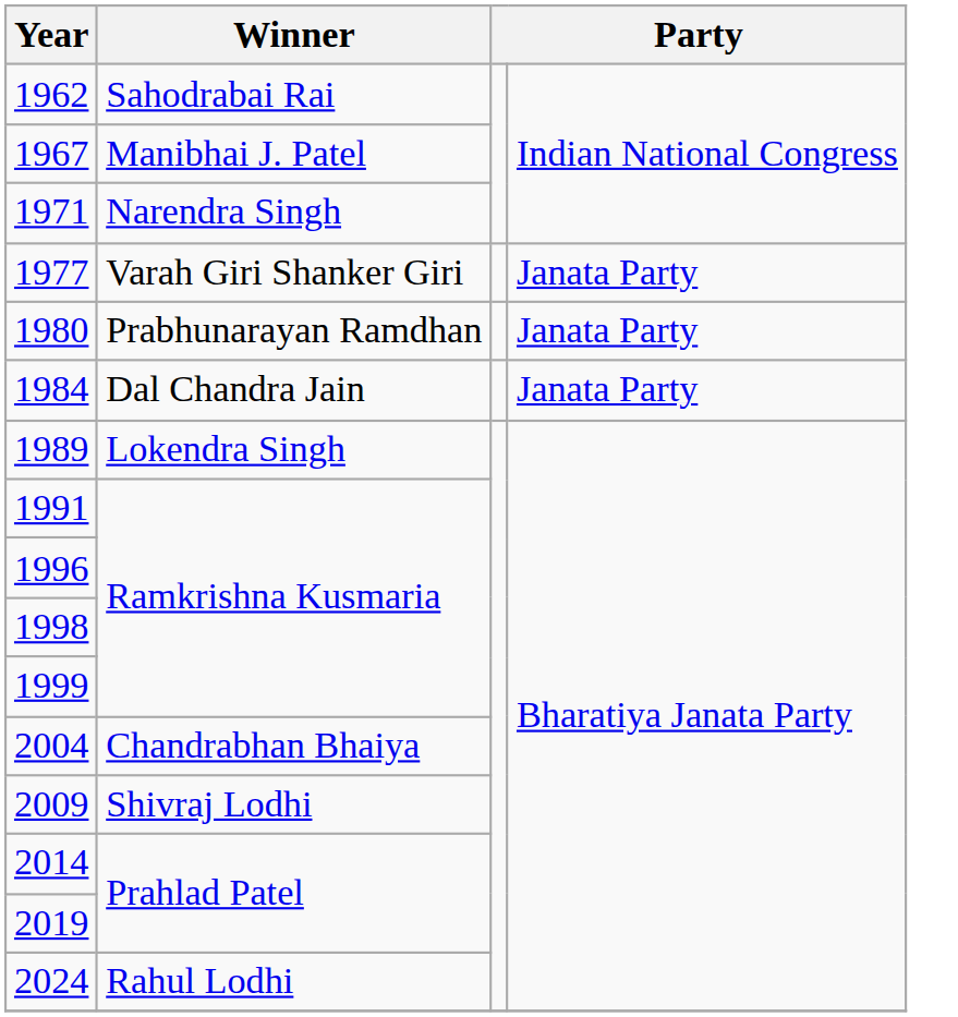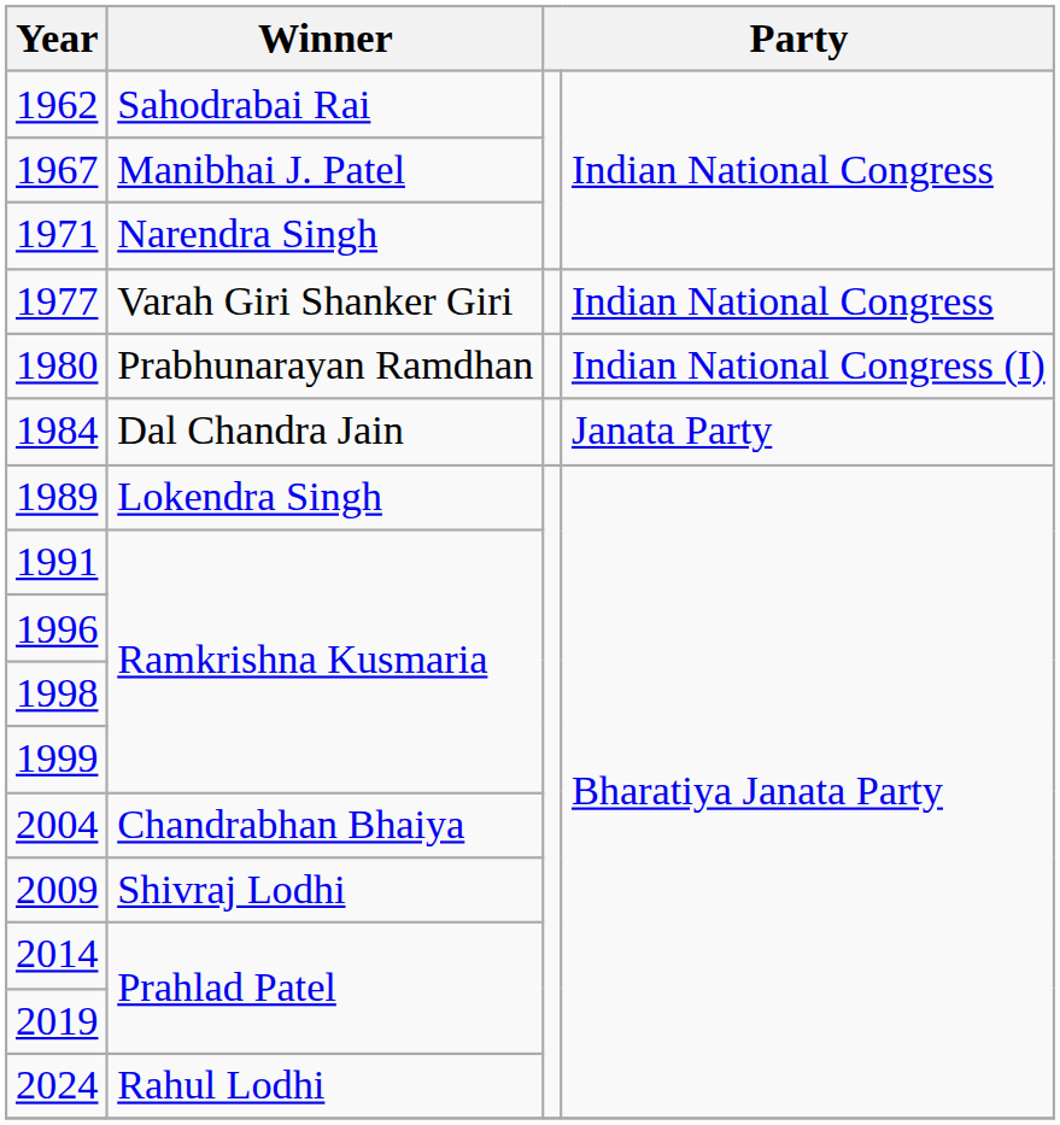 <table class="wikitable">
 <tr>
 <th>Year</th>
 <th>Winner</th>
 <th colspan="2">Party</th>
 </tr>
 <tr>
 <td><a href='#'>1962</a></td>
 <td><a href='#'>Sahodrabai Rai</a></td>
 <td rowspan="3" style="background-color: "></td>
 <td rowspan="3"><a href='#'>Indian National Congress</a></td>
 </tr>
 <tr>
 <td><a href='#'>1967</a></td>
 <td><a href='#'>Manibhai J. Patel</a></td>
 </tr>
 <tr>
 <td><a href='#'>1971</a></td>
 <td><a href='#'>Narendra Singh</a></td>
 </tr>
 <tr>
 <td><a href='#'>1977</a></td>
 <td>Varah Giri Shanker Giri</td>
 <td style="background-color: "></td>
-<td><a href='#'>Janata Party</a></td>
+<td><a href='#'>Indian National Congress</a></td>
 </tr>
 <tr>
 <td><a href='#'>1980</a></td>
 <td>Prabhunarayan Ramdhan</td>
 <td style="background-color: "></td>
-<td><a href='#'>Janata Party</a></td>
+<td><a href='#'>Indian National Congress (I)</a></td>
 </tr>
 <tr>
 <td><a href='#'>1984</a></td>
 <td>Dal Chandra Jain</td>
 <td style="background-color: "></td>
 <td><a href='#'>Janata Party</a></td>
 </tr>
 <tr>
 <td><a href='#'>1989</a></td>
 <td><a href='#'>Lokendra Singh</a></td>
 <td rowspan="10" style="background-color: "></td>
 <td rowspan="10"><a href='#'>Bharatiya Janata Party</a></td>
 </tr>
 <tr>
 <td><a href='#'>1991</a></td>
 <td rowspan="4"><a href='#'>Ramkrishna Kusmaria</a></td>
 </tr>
 <tr>
 <td><a href='#'>1996</a></td>
 </tr>
 <tr>
 <td><a href='#'>1998</a></td>
 </tr>
 <tr>
 <td><a href='#'>1999</a></td>
 </tr>
 <tr>
 <td><a href='#'>2004</a></td>
 <td><a href='#'>Chandrabhan Bhaiya</a></td>
 </tr>
 <tr>
 <td><a href='#'>2009</a></td>
 <td><a href='#'>Shivraj Lodhi</a></td>
 </tr>
 <tr>
 <td><a href='#'>2014</a></td>
 <td rowspan="2"><a href='#'>Prahlad Patel</a></td>
 </tr>
 <tr>
 <td><a href='#'>2019</a></td>
 </tr>
 <tr>
 <td><a href='#'>2024</a></td>
 <td><a href='#'>Rahul Lodhi</a></td>
 </tr>
 <tr>
 </tr>
 </table>
